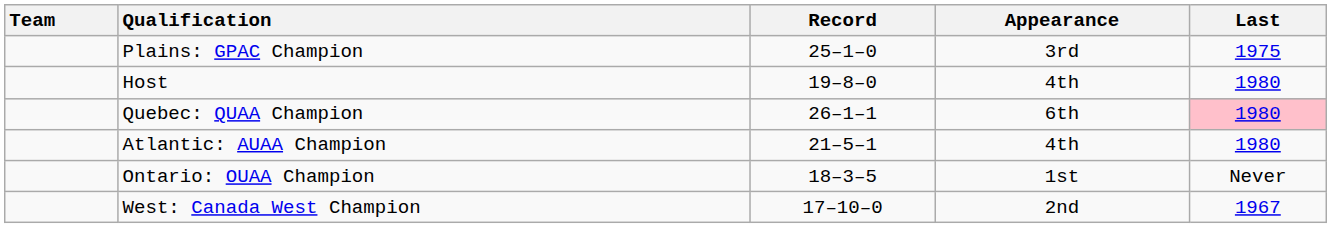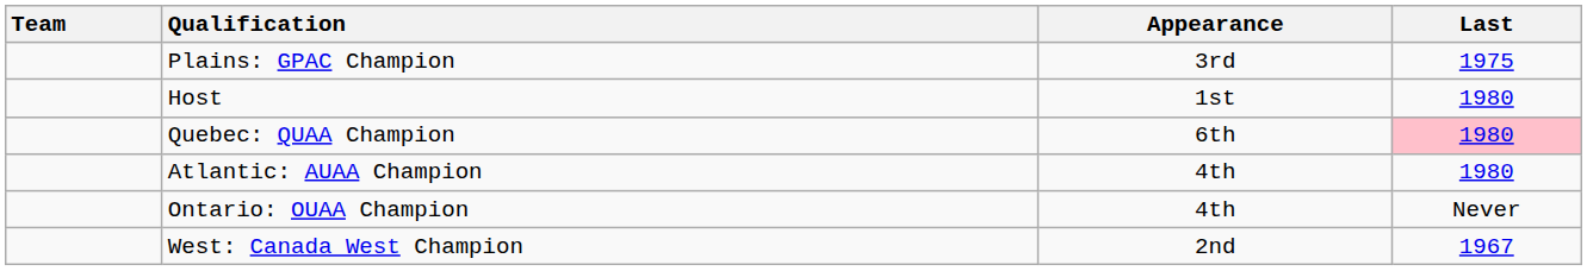 <table class="wikitable sortable" style="text-align: center;" width=900>
 <tr style="background:#efefef; text-align:center">
 <th style="text-align:left">Team</th>
 <th style="text-align:left">Qualification</th>
-<th style="text-align:center">Record</th>
 <th style="text-align:center">Appearance</th>
 <th style="text-align:center">Last</th>
 </tr>
 <tr style="text-align:center">
 <td style="text-align:left; "><a href='#'></a></td>
 <td style="text-align:left">Plains: <a href='#'>GPAC</a> Champion</td>
-<td style="text-align:center">25–1–0</td>
 <td style="text-align:center">3rd</td>
 <td style="text-align:center"><a href='#'>1975</a></td>
 </tr>
 <tr style="text-align:center">
 <td style="text-align:left; "><a href='#'></a></td>
 <td style="text-align:left">Host</td>
-<td style="text-align:center">19–8–0</td>
-<td style="text-align:center">4th</td>
+<td style="text-align:center">1st</td>
 <td style="text-align:center"><a href='#'>1980</a></td>
 </tr>
 <tr style="text-align:center">
 <td style="text-align:left; "><a href='#'></a></td>
 <td style="text-align:left">Quebec: <a href='#'>QUAA</a> Champion</td>
-<td style="text-align:center">26–1–1</td>
 <td style="text-align:center">6th</td>
 <td style="background: pink; text-align:center"><a href='#'>1980</a></td>
 </tr>
 <tr style="text-align:center">
 <td style="text-align:left; "><a href='#'></a></td>
 <td style="text-align:left">Atlantic: <a href='#'>AUAA</a> Champion</td>
-<td style="text-align:center">21–5–1</td>
 <td style="text-align:center">4th</td>
 <td style="text-align:center"><a href='#'>1980</a></td>
 </tr>
 <tr style="text-align:center">
 <td style="text-align:left; "><a href='#'></a></td>
 <td style="text-align:left">Ontario: <a href='#'>OUAA</a> Champion</td>
-<td style="text-align:center">18–3–5</td>
-<td style="text-align:center">1st</td>
+<td style="text-align:center">4th</td>
 <td style="text-align:center">Never</td>
 </tr>
 <tr style="text-align:center">
 <td style="text-align:left; "><a href='#'></a></td>
 <td style="text-align:left">West: <a href='#'>Canada West</a> Champion</td>
-<td style="text-align:center">17–10–0</td>
 <td style="text-align:center">2nd</td>
 <td style="text-align:center"><a href='#'>1967</a></td>
 </tr>
 </table>
